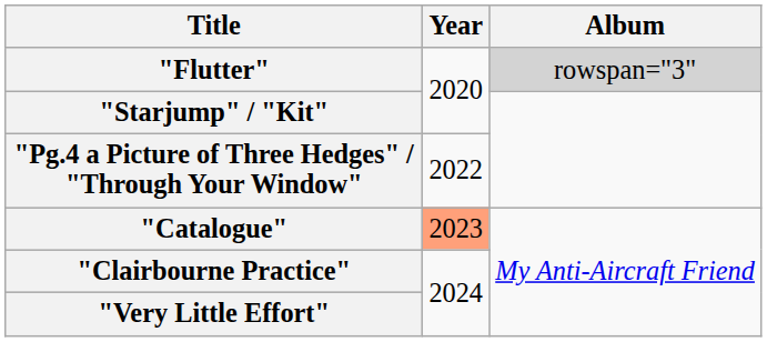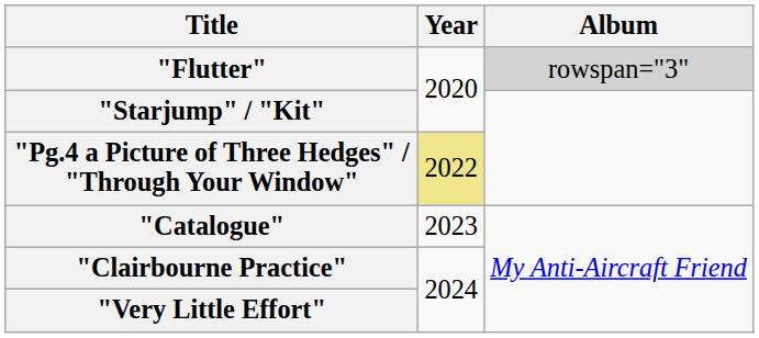 <table class="wikitable plainrowheaders" style="text-align:center;">
 <tr>
 <th scope="col" style="width:15em;">Title</th>
 <th scope="col">Year</th>
 <th scope="col">Album</th>
 </tr>
 <tr>
 <th scope="row">"Flutter"</th>
 <td rowspan="2">2020</td>
 <td style="background: lightgrey;">rowspan="3" </td>
 </tr>
 <tr>
 <th scope="row">"Starjump" / "Kit"</th>
 </tr>
 <tr>
 <th scope="row">"Pg.4 a Picture of Three Hedges" / "Through Your Window"</th>
-<td>2022</td>
+<td style="background: khaki;">2022</td>
 </tr>
 <tr>
 <th scope="row">"Catalogue"</th>
-<td style="background: lightsalmon;">2023</td>
+<td>2023</td>
 <td rowspan="3"><em><a href='#'>My Anti-Aircraft Friend</a></em></td>
 </tr>
 <tr>
 <th scope="row">"Clairbourne Practice"</th>
 <td rowspan="2">2024</td>
 </tr>
 <tr>
 <th scope="row">"Very Little Effort"</th>
 </tr>
 </table>
